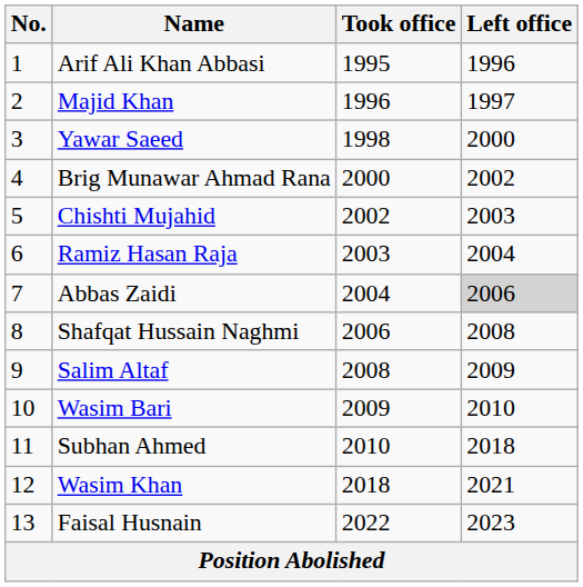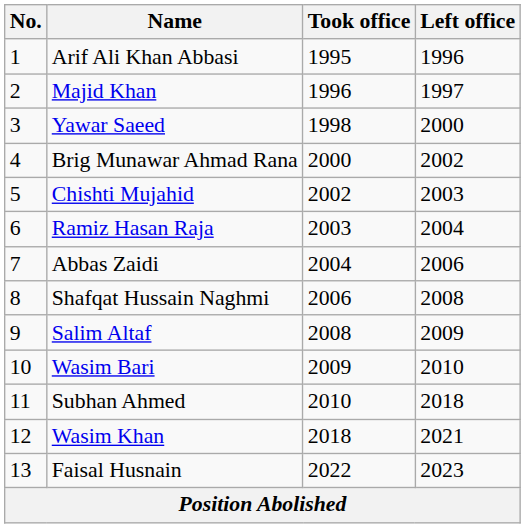 <table class="wikitable sortable">
 <tr>
 <th>No.</th>
 <th>Name</th>
 <th>Took office</th>
 <th>Left office</th>
 </tr>
 <tr>
 <td>1</td>
 <td>Arif Ali Khan Abbasi</td>
 <td>1995</td>
 <td>1996</td>
 </tr>
 <tr>
 <td>2</td>
 <td><a href='#'>Majid Khan</a></td>
 <td>1996</td>
 <td>1997</td>
 </tr>
 <tr>
 <td>3</td>
 <td><a href='#'>Yawar Saeed</a></td>
 <td>1998</td>
 <td>2000</td>
 </tr>
 <tr>
 <td>4</td>
 <td>Brig Munawar Ahmad Rana</td>
 <td>2000</td>
 <td>2002</td>
 </tr>
 <tr>
 <td>5</td>
 <td><a href='#'>Chishti Mujahid</a></td>
 <td>2002</td>
 <td>2003</td>
 </tr>
 <tr>
 <td>6</td>
 <td><a href='#'>Ramiz Hasan Raja</a></td>
 <td>2003</td>
 <td>2004</td>
 </tr>
 <tr>
 <td>7</td>
 <td>Abbas Zaidi</td>
 <td>2004</td>
-<td style="background: lightgrey;">2006</td>
+<td>2006</td>
 </tr>
 <tr>
 <td>8</td>
 <td>Shafqat Hussain Naghmi</td>
 <td>2006</td>
 <td>2008</td>
 </tr>
 <tr>
 <td>9</td>
 <td><a href='#'>Salim Altaf</a></td>
 <td>2008</td>
 <td>2009</td>
 </tr>
 <tr>
 <td>10</td>
 <td><a href='#'>Wasim Bari</a></td>
 <td>2009</td>
 <td>2010</td>
 </tr>
 <tr>
 <td>11</td>
 <td>Subhan Ahmed</td>
 <td>2010</td>
 <td>2018</td>
 </tr>
 <tr>
 <td>12</td>
 <td><a href='#'>Wasim Khan</a></td>
 <td>2018</td>
 <td>2021</td>
 </tr>
 <tr>
 <td>13</td>
 <td>Faisal Husnain</td>
 <td>2022</td>
 <td>2023</td>
 </tr>
 <tr>
 <th colspan="4"><em>Position Abolished</em></th>
 </tr>
 </table>
